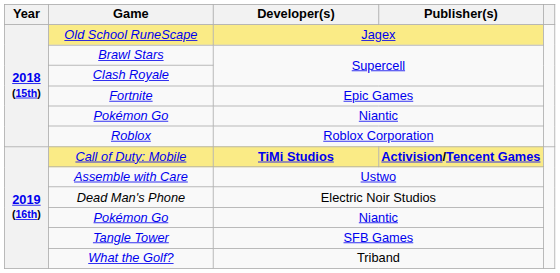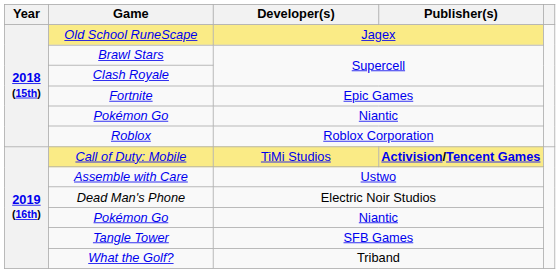 <table class="wikitable" style="text-align:center;">
 <tr style="background:#bebebe;">
 <th scope="col" style="width:8%;">Year</th>
 <th scope="col" style="width:30%;">Game</th>
 <th scope="col" style="width:30%;">Developer(s)</th>
 <th scope="col" style="width:30%;">Publisher(s)</th>
 <th scope="col" style="width:2%;" class="unsortable"></th>
 </tr>
 <tr>
 <th rowspan="6"><a href='#'>2018</a><br><small>(<a href='#'>15th</a>)</small></th>
 <td style="background:#FAEB86"><em><a href='#'>Old School RuneScape</a></em></td>
 <td style="background:#FAEB86" colspan=2><a href='#'>Jagex</a></td>
 <td rowspan="6"></td>
 </tr>
 <tr>
 <td><em><a href='#'>Brawl Stars</a></em></td>
 <td rowspan=2 colspan=2><a href='#'>Supercell</a></td>
 </tr>
 <tr>
 <td><em><a href='#'>Clash Royale</a></em></td>
 </tr>
 <tr>
 <td><em><a href='#'>Fortnite</a></em></td>
 <td colspan=2><a href='#'>Epic Games</a></td>
 </tr>
 <tr>
 <td><em><a href='#'>Pokémon Go</a></em></td>
 <td colspan="2"><a href='#'>Niantic</a></td>
 </tr>
 <tr>
 <td><em><a href='#'>Roblox</a></em></td>
 <td colspan=2><a href='#'>Roblox Corporation</a></td>
 </tr>
 <tr>
 <th rowspan="6"><a href='#'>2019</a><br><small>(<a href='#'>16th</a>)</small></th>
 <td style="background:#FAEB86"><em><a href='#'>Call of Duty: Mobile</a></em></td>
-<td style="background:#FAEB86"><strong><a href='#'>TiMi Studios</a></strong></td>
+<td style="background:#FAEB86"><a href='#'>TiMi Studios</a></td>
 <td style="background:#FAEB86"><strong><a href='#'>Activision</a>/<a href='#'>Tencent Games</a></strong></td>
 <td rowspan="6"></td>
 </tr>
 <tr>
 <td><em><a href='#'>Assemble with Care</a></em></td>
 <td colspan=2><a href='#'>Ustwo</a></td>
 </tr>
 <tr>
 <td><em>Dead Man's Phone</em></td>
 <td colspan=2>Electric Noir Studios</td>
 </tr>
 <tr>
 <td><em><a href='#'>Pokémon Go</a></em></td>
 <td colspan="2"><a href='#'>Niantic</a></td>
 </tr>
 <tr>
 <td><em><a href='#'>Tangle Tower</a></em></td>
 <td colspan=2><a href='#'>SFB Games</a></td>
 </tr>
 <tr>
 <td><a href='#'><em>What the Golf?</em></a></td>
 <td colspan=2>Triband</td>
 </tr>
 </table>
